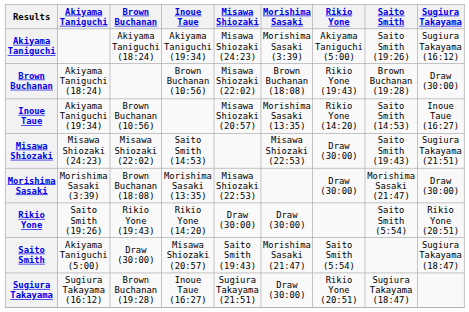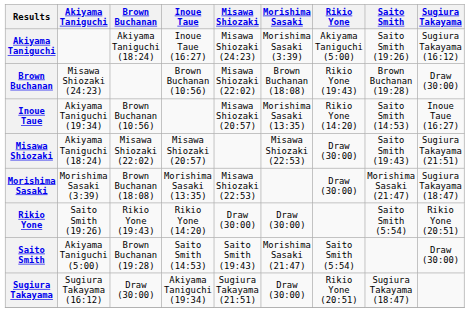 <table class="wikitable" style="margin: 1em auto 1em auto;text-align:center">
 <tr>
 <th>Results</th>
 <th><a href='#'>Akiyama</a><br><a href='#'>Taniguchi</a></th>
 <th><a href='#'>Brown</a><br><a href='#'>Buchanan</a></th>
 <th><a href='#'>Inoue</a><br><a href='#'>Taue</a></th>
 <th><a href='#'>Misawa</a><br><a href='#'>Shiozaki</a></th>
 <th><a href='#'>Morishima</a><br><a href='#'>Sasaki</a></th>
 <th><a href='#'>Rikio</a><br><a href='#'>Yone</a></th>
 <th><a href='#'>Saito</a><br><a href='#'>Smith</a></th>
 <th><a href='#'>Sugiura</a><br><a href='#'>Takayama</a></th>
 </tr>
 <tr>
 <th><a href='#'>Akiyama</a><br><a href='#'>Taniguchi</a></th>
 <td></td>
 <td>Akiyama<br>Taniguchi<br>(18:24)</td>
-<td>Akiyama<br>Taniguchi<br>(19:34)</td>
+<td>Inoue<br>Taue<br>(16:27)</td>
 <td>Misawa<br>Shiozaki<br>(24:23)</td>
 <td>Morishima<br>Sasaki<br>(3:39)</td>
 <td>Akiyama<br>Taniguchi<br>(5:00)</td>
 <td>Saito<br>Smith<br>(19:26)</td>
 <td>Sugiura<br>Takayama<br>(16:12)</td>
 </tr>
 <tr>
 <th><a href='#'>Brown</a><br><a href='#'>Buchanan</a></th>
-<td>Akiyama<br>Taniguchi<br>(18:24)</td>
+<td>Misawa<br>Shiozaki<br>(24:23)</td>
 <td></td>
 <td>Brown<br>Buchanan<br>(10:56)</td>
 <td>Misawa<br>Shiozaki<br>(22:02)</td>
 <td>Brown<br>Buchanan<br>(18:08)</td>
 <td>Rikio<br>Yone<br>(19:43)</td>
 <td>Brown<br>Buchanan<br>(19:28)</td>
 <td>Draw<br>(30:00)</td>
 </tr>
 <tr>
 <th><a href='#'>Inoue</a><br><a href='#'>Taue</a></th>
 <td>Akiyama<br>Taniguchi<br>(19:34)</td>
 <td>Brown<br>Buchanan<br>(10:56)</td>
 <td></td>
 <td>Misawa<br>Shiozaki<br>(20:57)</td>
 <td>Morishima<br>Sasaki<br>(13:35)</td>
 <td>Rikio<br>Yone<br>(14:20)</td>
 <td>Saito<br>Smith<br>(14:53)</td>
 <td>Inoue<br>Taue<br>(16:27)</td>
 </tr>
 <tr>
 <th><a href='#'>Misawa</a><br><a href='#'>Shiozaki</a></th>
-<td>Misawa<br>Shiozaki<br>(24:23)</td>
+<td>Akiyama<br>Taniguchi<br>(18:24)</td>
 <td>Misawa<br>Shiozaki<br>(22:02)</td>
-<td>Saito<br>Smith<br>(14:53)</td>
+<td>Misawa<br>Shiozaki<br>(20:57)</td>
 <td></td>
 <td>Misawa<br>Shiozaki<br>(22:53)</td>
 <td>Draw<br>(30:00)</td>
 <td>Saito<br>Smith<br>(19:43)</td>
 <td>Sugiura<br>Takayama<br>(21:51)</td>
 </tr>
 <tr>
 <th><a href='#'>Morishima</a><br><a href='#'>Sasaki</a></th>
 <td>Morishima<br>Sasaki<br>(3:39)</td>
 <td>Brown<br>Buchanan<br>(18:08)</td>
 <td>Morishima<br>Sasaki<br>(13:35)</td>
 <td>Misawa<br>Shiozaki<br>(22:53)</td>
 <td></td>
 <td>Draw<br>(30:00)</td>
 <td>Morishima<br>Sasaki<br>(21:47)</td>
-<td>Draw<br>(30:00)</td>
+<td>Sugiura<br>Takayama<br>(18:47)</td>
 </tr>
 <tr>
 <th><a href='#'>Rikio</a><br><a href='#'>Yone</a></th>
 <td>Saito<br>Smith<br>(19:26)</td>
 <td>Rikio<br>Yone<br>(19:43)</td>
 <td>Rikio<br>Yone<br>(14:20)</td>
 <td>Draw<br>(30:00)</td>
 <td>Draw<br>(30:00)</td>
 <td></td>
 <td>Saito<br>Smith<br>(5:54)</td>
 <td>Rikio<br>Yone<br>(20:51)</td>
 </tr>
 <tr>
 <th><a href='#'>Saito</a><br><a href='#'>Smith</a></th>
 <td>Akiyama<br>Taniguchi<br>(5:00)</td>
-<td>Draw<br>(30:00)</td>
-<td>Misawa<br>Shiozaki<br>(20:57)</td>
+<td>Brown<br>Buchanan<br>(19:28)</td>
+<td>Saito<br>Smith<br>(14:53)</td>
 <td>Saito<br>Smith<br>(19:43)</td>
 <td>Morishima<br>Sasaki<br>(21:47)</td>
 <td>Saito<br>Smith<br>(5:54)</td>
 <td></td>
-<td>Sugiura<br>Takayama<br>(18:47)</td>
+<td>Draw<br>(30:00)</td>
 </tr>
 <tr>
 <th><a href='#'>Sugiura</a><br><a href='#'>Takayama</a></th>
 <td>Sugiura<br>Takayama<br>(16:12)</td>
-<td>Brown<br>Buchanan<br>(19:28)</td>
-<td>Inoue<br>Taue<br>(16:27)</td>
+<td>Draw<br>(30:00)</td>
+<td>Akiyama<br>Taniguchi<br>(19:34)</td>
 <td>Sugiura<br>Takayama<br>(21:51)</td>
 <td>Draw<br>(30:00)</td>
 <td>Rikio<br>Yone<br>(20:51)</td>
 <td>Sugiura<br>Takayama<br>(18:47)</td>
 <td></td>
 </tr>
 <tr>
 </tr>
 </table>
